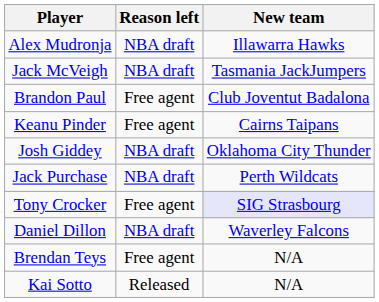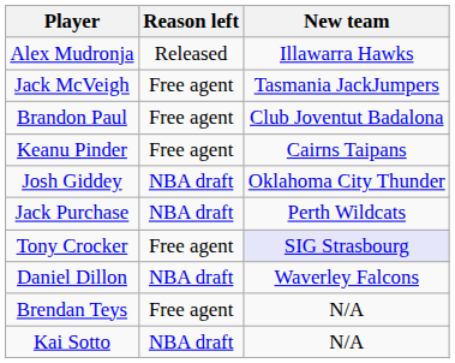 <table class="wikitable sortable sortable" style="text-align: center">
 <tr>
 <th>Player</th>
 <th>Reason left</th>
 <th>New team</th>
 </tr>
 <tr>
 <td><a href='#'>Alex Mudronja</a></td>
-<td><a href='#'>NBA draft</a></td>
+<td>Released</td>
 <td><a href='#'>Illawarra Hawks</a></td>
 </tr>
 <tr>
 <td><a href='#'>Jack McVeigh</a></td>
-<td><a href='#'>NBA draft</a></td>
+<td>Free agent</td>
 <td><a href='#'>Tasmania JackJumpers</a></td>
 </tr>
 <tr>
 <td><a href='#'>Brandon Paul</a></td>
 <td>Free agent</td>
 <td><a href='#'>Club Joventut Badalona</a></td>
 </tr>
 <tr>
 <td><a href='#'>Keanu Pinder</a></td>
 <td>Free agent</td>
 <td><a href='#'>Cairns Taipans</a></td>
 </tr>
 <tr>
 <td><a href='#'>Josh Giddey</a></td>
 <td><a href='#'>NBA draft</a></td>
 <td><a href='#'>Oklahoma City Thunder</a></td>
 </tr>
 <tr>
 <td><a href='#'>Jack Purchase</a></td>
 <td><a href='#'>NBA draft</a></td>
 <td><a href='#'>Perth Wildcats</a></td>
 </tr>
 <tr>
 <td><a href='#'>Tony Crocker</a></td>
 <td>Free agent</td>
 <td style="background: lavender;"><a href='#'>SIG Strasbourg</a></td>
 </tr>
 <tr>
 <td><a href='#'>Daniel Dillon</a></td>
 <td><a href='#'>NBA draft</a></td>
 <td><a href='#'>Waverley Falcons</a></td>
 </tr>
 <tr>
 <td><a href='#'>Brendan Teys</a></td>
 <td>Free agent</td>
 <td>N/A</td>
 </tr>
 <tr>
 <td><a href='#'>Kai Sotto</a></td>
-<td>Released</td>
+<td><a href='#'>NBA draft</a></td>
 <td>N/A</td>
 </tr>
 </table>
